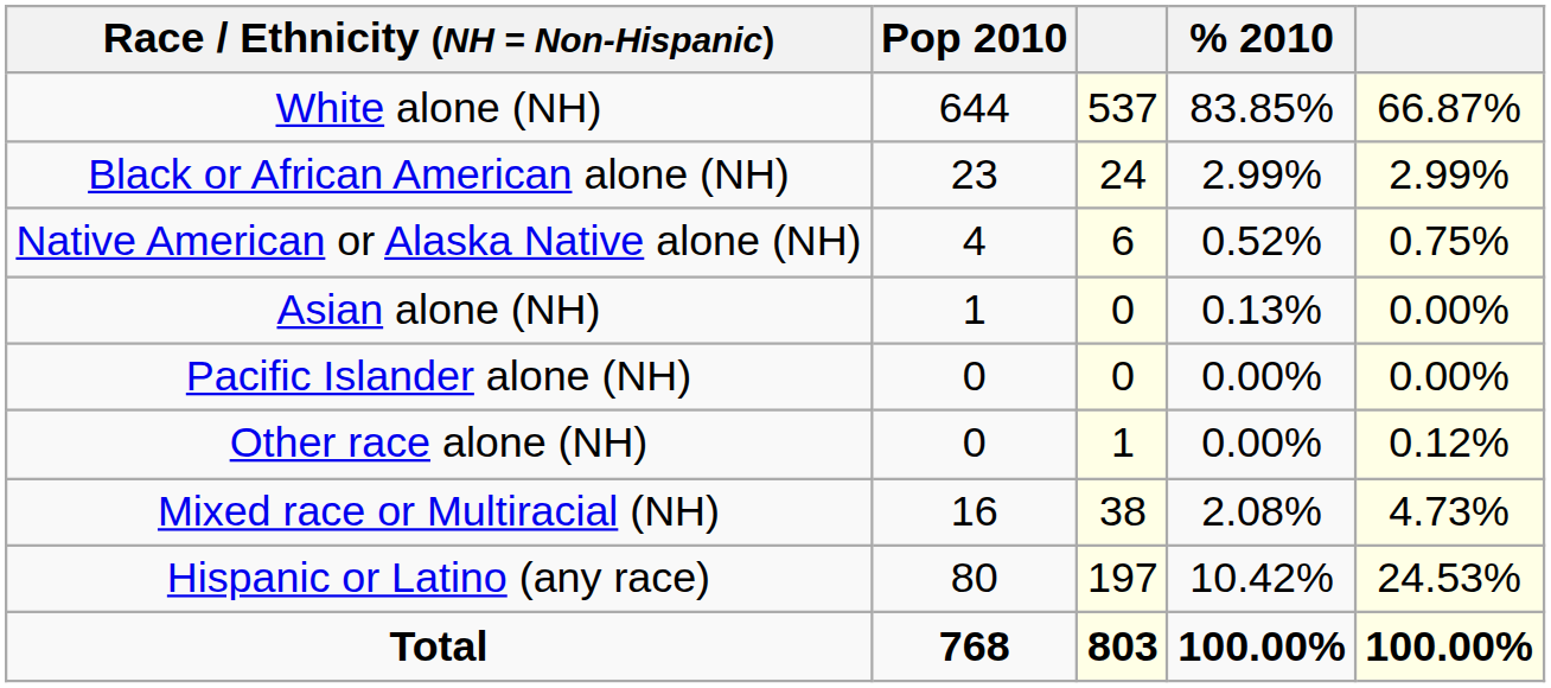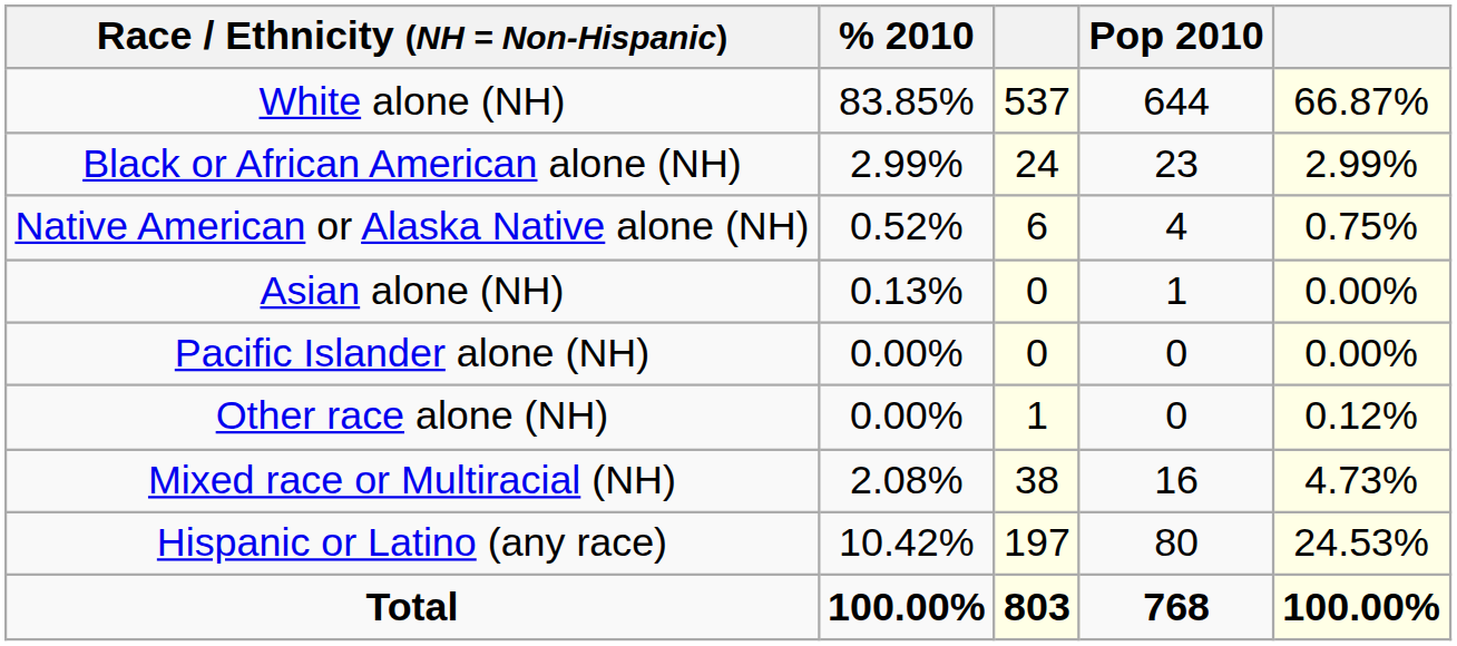 <table class="wikitable" style="text-align:center;">
 <tr>
 <th>Race / Ethnicity <small>(<em>NH = Non-Hispanic</em>)</small></th>
+<th>% 2010</th>
+<th></th>
 <th>Pop 2010</th>
-<th></th>
-<th>% 2010</th>
 <th></th>
 </tr>
 <tr>
 <td><a href='#'>White</a> alone (NH)</td>
+<td>83.85%</td>
+<td style='background: #ffffe6;'>537</td>
 <td>644</td>
-<td style='background: #ffffe6;'>537</td>
-<td>83.85%</td>
 <td style='background: #ffffe6;'>66.87%</td>
 </tr>
 <tr>
 <td><a href='#'>Black or African American</a> alone (NH)</td>
+<td>2.99%</td>
+<td style='background: #ffffe6;'>24</td>
 <td>23</td>
-<td style='background: #ffffe6;'>24</td>
-<td>2.99%</td>
 <td style='background: #ffffe6;'>2.99%</td>
 </tr>
 <tr>
 <td><a href='#'>Native American</a> or <a href='#'>Alaska Native</a> alone (NH)</td>
+<td>0.52%</td>
+<td style='background: #ffffe6;'>6</td>
 <td>4</td>
-<td style='background: #ffffe6;'>6</td>
-<td>0.52%</td>
 <td style='background: #ffffe6;'>0.75%</td>
 </tr>
 <tr>
 <td><a href='#'>Asian</a> alone (NH)</td>
+<td>0.13%</td>
+<td style='background: #ffffe6;'>0</td>
 <td>1</td>
-<td style='background: #ffffe6;'>0</td>
-<td>0.13%</td>
 <td style='background: #ffffe6;'>0.00%</td>
 </tr>
 <tr>
 <td><a href='#'>Pacific Islander</a> alone (NH)</td>
+<td>0.00%</td>
+<td style='background: #ffffe6;'>0</td>
 <td>0</td>
-<td style='background: #ffffe6;'>0</td>
-<td>0.00%</td>
 <td style='background: #ffffe6;'>0.00%</td>
 </tr>
 <tr>
 <td><a href='#'>Other race</a> alone (NH)</td>
+<td>0.00%</td>
+<td style='background: #ffffe6;'>1</td>
 <td>0</td>
-<td style='background: #ffffe6;'>1</td>
-<td>0.00%</td>
 <td style='background: #ffffe6;'>0.12%</td>
 </tr>
 <tr>
 <td><a href='#'>Mixed race or Multiracial</a> (NH)</td>
+<td>2.08%</td>
+<td style='background: #ffffe6;'>38</td>
 <td>16</td>
-<td style='background: #ffffe6;'>38</td>
-<td>2.08%</td>
 <td style='background: #ffffe6;'>4.73%</td>
 </tr>
 <tr>
 <td><a href='#'>Hispanic or Latino</a> (any race)</td>
+<td>10.42%</td>
+<td style='background: #ffffe6;'>197</td>
 <td>80</td>
-<td style='background: #ffffe6;'>197</td>
-<td>10.42%</td>
 <td style='background: #ffffe6;'>24.53%</td>
 </tr>
 <tr>
 <td><strong>Total</strong></td>
+<td><strong>100.00%</strong></td>
+<td style='background: #ffffe6;'><strong>803</strong></td>
 <td><strong>768</strong></td>
-<td style='background: #ffffe6;'><strong>803</strong></td>
-<td><strong>100.00%</strong></td>
 <td style='background: #ffffe6;'><strong>100.00%</strong></td>
 </tr>
 </table>
